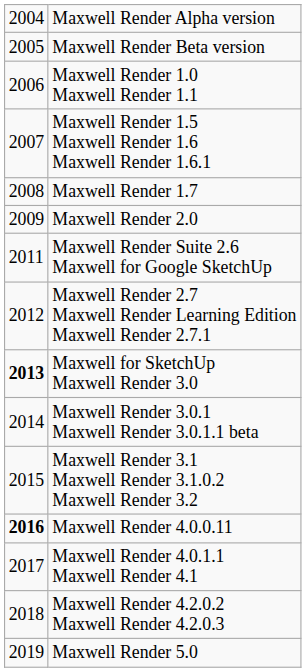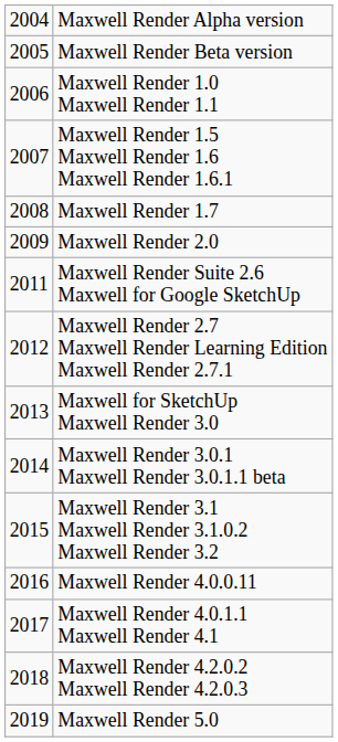 <table class="wikitable">
 <tr>
 <td>2004</td>
 <td>Maxwell Render Alpha version</td>
 </tr>
 <tr>
 <td>2005</td>
 <td>Maxwell Render Beta version</td>
 </tr>
 <tr>
 <td>2006</td>
 <td>Maxwell Render 1.0<br>Maxwell Render 1.1</td>
 </tr>
 <tr>
 <td>2007</td>
 <td>Maxwell Render 1.5<br>Maxwell Render 1.6<br>Maxwell Render 1.6.1</td>
 </tr>
 <tr>
 <td>2008</td>
 <td>Maxwell Render 1.7</td>
 </tr>
 <tr>
 <td>2009</td>
 <td>Maxwell Render 2.0</td>
 </tr>
 <tr>
 <td>2011</td>
 <td>Maxwell Render Suite 2.6<br>Maxwell for Google SketchUp</td>
 </tr>
 <tr>
 <td>2012</td>
 <td>Maxwell Render 2.7<br>Maxwell Render Learning Edition<br>Maxwell Render 2.7.1</td>
 </tr>
 <tr>
-<td><strong>2013</strong></td>
+<td>2013</td>
 <td>Maxwell for SketchUp<br>Maxwell Render 3.0</td>
 </tr>
 <tr>
 <td>2014</td>
 <td>Maxwell Render 3.0.1<br>Maxwell Render 3.0.1.1 beta</td>
 </tr>
 <tr>
 <td>2015</td>
 <td>Maxwell Render 3.1<br>Maxwell Render 3.1.0.2<br>Maxwell Render 3.2</td>
 </tr>
 <tr>
-<td><strong>2016</strong></td>
+<td>2016</td>
 <td>Maxwell Render 4.0.0.11</td>
 </tr>
 <tr>
 <td>2017</td>
 <td>Maxwell Render 4.0.1.1<br>Maxwell Render 4.1</td>
 </tr>
 <tr>
 <td>2018</td>
 <td>Maxwell Render 4.2.0.2<br>Maxwell Render 4.2.0.3</td>
 </tr>
 <tr>
 <td>2019</td>
 <td>Maxwell Render 5.0</td>
 </tr>
 </table>
